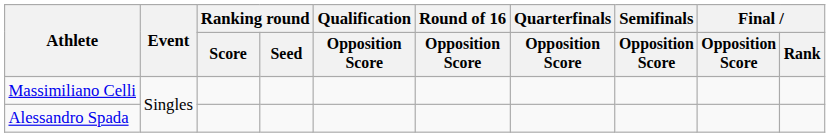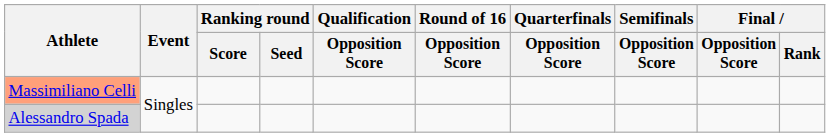 <table class=wikitable style="font-size:90%">
 <tr>
 <th rowspan="2">Athlete</th>
 <th rowspan="2">Event</th>
 <th colspan="2">Ranking round</th>
 <th>Qualification</th>
 <th>Round of 16</th>
 <th>Quarterfinals</th>
 <th>Semifinals</th>
 <th colspan="2">Final / </th>
 </tr>
 <tr style="font-size:95%">
 <th>Score</th>
 <th>Seed</th>
 <th>Opposition<br>Score</th>
 <th>Opposition<br>Score</th>
 <th>Opposition<br>Score</th>
 <th>Opposition<br>Score</th>
 <th>Opposition<br>Score</th>
 <th>Rank</th>
 </tr>
 <tr align=center>
-<td align=left><a href='#'>Massimiliano Celli</a></td>
+<td align=left style="background: lightsalmon;"><a href='#'>Massimiliano Celli</a></td>
 <td rowspan=2>Singles</td>
 <td></td>
 <td></td>
 <td></td>
 <td></td>
 <td></td>
 <td></td>
 <td></td>
 <td></td>
 </tr>
 <tr align=center>
-<td align=left><a href='#'>Alessandro Spada</a></td>
+<td align=left style="background: lightgrey;"><a href='#'>Alessandro Spada</a></td>
 <td></td>
 <td></td>
 <td></td>
 <td></td>
 <td></td>
 <td></td>
 <td></td>
 <td></td>
 </tr>
 </table>
